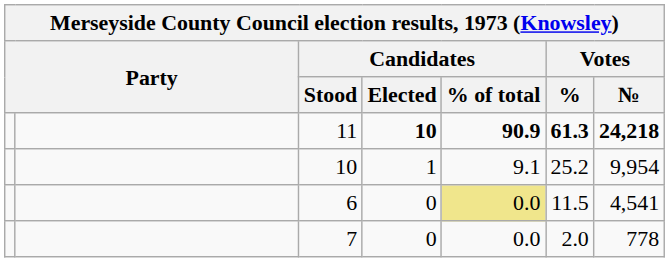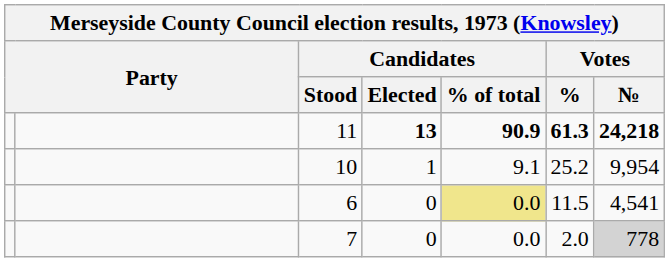 <table class="wikitable" style="font-size:95%">
 <tr>
 <th colspan="16" style="background-color:#f2f2f2">Merseyside County Council election results, 1973 (<a href='#'>Knowsley</a>)</th>
 </tr>
 <tr style="vertical-align:center;">
 <th colspan="2" rowspan="2">Party</th>
 <th colspan="3" style="width: 30px">Candidates</th>
 <th colspan="2" style="width: 30px">Votes</th>
 </tr>
 <tr>
 <th>Stood</th>
 <th>Elected</th>
 <th>% of total</th>
 <th>%</th>
 <th>№</th>
 </tr>
 <tr>
 <td style="background-color: "></td>
 <td style="width: 190px"><a href='#'></a></td>
 <td style="text-align:right; ">11</td>
-<td style="text-align:right; "><strong>10</strong></td>
+<td style="text-align:right; "><strong>13</strong></td>
 <td style="text-align:right; "><strong>90.9</strong></td>
 <td style="text-align:right; "><strong>61.3</strong></td>
 <td style="text-align:right; "><strong>24,218</strong></td>
 </tr>
 <tr>
 <td style="background-color: "></td>
 <td style="width: 190px"><a href='#'></a></td>
 <td style="text-align:right; ">10</td>
 <td style="text-align:right; ">1</td>
 <td style="text-align:right; ">9.1</td>
 <td style="text-align:right; ">25.2</td>
 <td style="text-align:right; ">9,954</td>
 </tr>
 <tr>
 <td style="background-color: "></td>
 <td style="width: 190px"><a href='#'></a></td>
 <td style="text-align:right; ">6</td>
 <td style="text-align:right; ">0</td>
 <td style="background: khaki; text-align:right; ">0.0</td>
 <td style="text-align:right; ">11.5</td>
 <td style="text-align:right; ">4,541</td>
 </tr>
 <tr>
 <td style="background-color: "></td>
 <td style="width: 190px"><a href='#'></a></td>
 <td style="text-align:right; ">7</td>
 <td style="text-align:right; ">0</td>
 <td style="text-align:right; ">0.0</td>
 <td style="text-align:right; ">2.0</td>
-<td style="text-align:right; ">778</td>
+<td style="background: lightgrey; text-align:right; ">778</td>
 </tr>
 </table>
